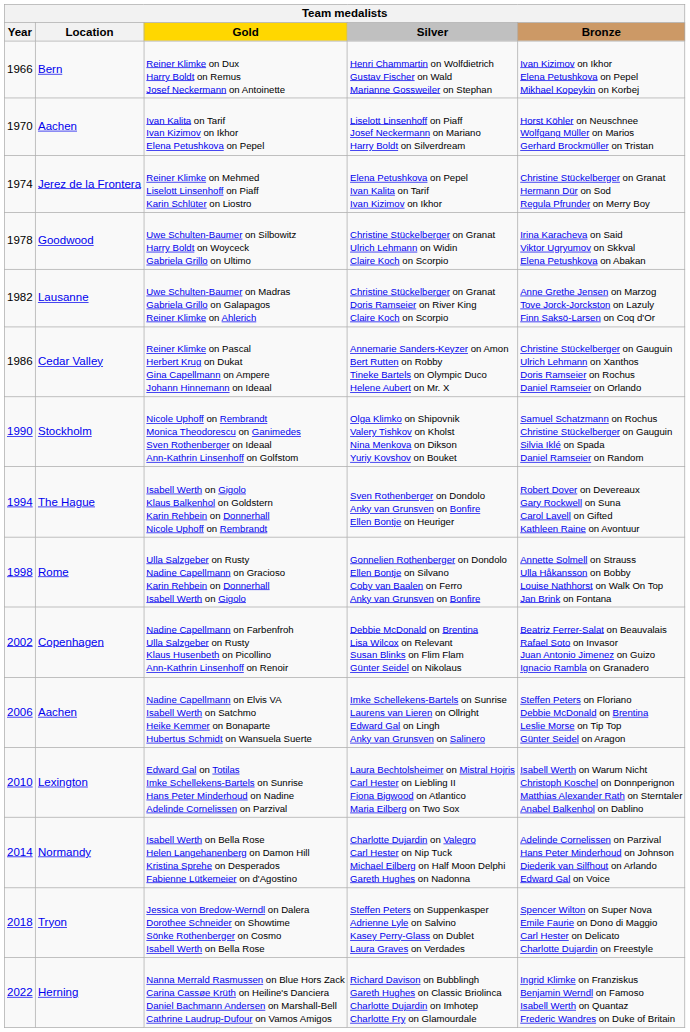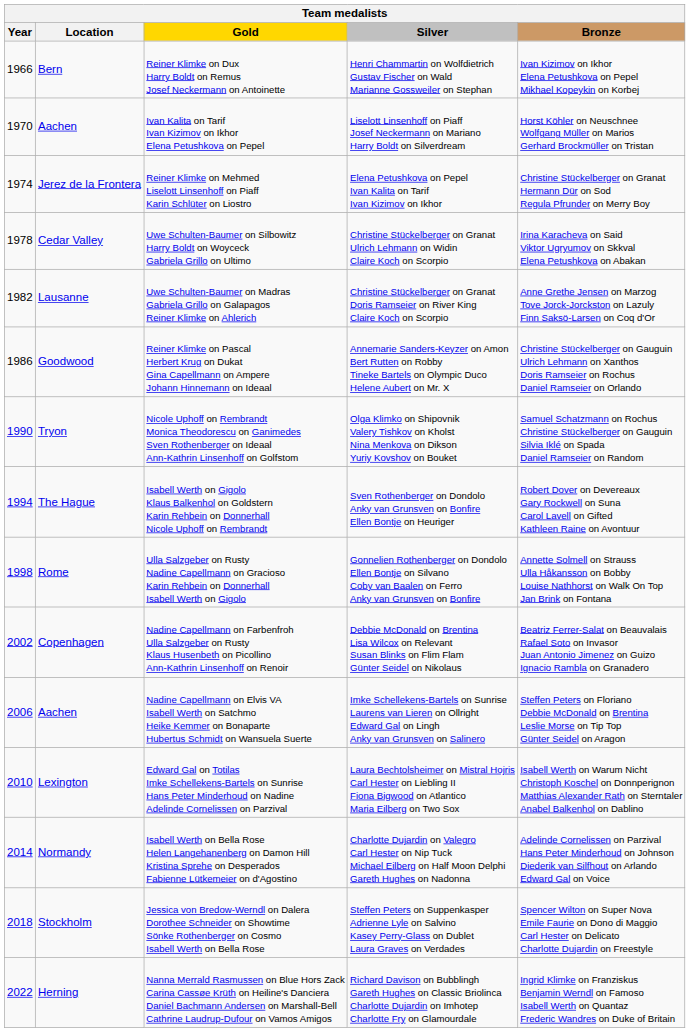 <table class="wikitable">
 <tr>
 <th colspan=6 align="center"><strong>Team medalists</strong></th>
 </tr>
 <tr>
 <th>Year</th>
 <th>Location</th>
 <th style="background-color:gold;">Gold</th>
 <th style="background-color:silver;">Silver</th>
 <th style="background-color:#cc9966;">Bronze</th>
 </tr>
 <tr>
 <td>1966</td>
 <td> <a href='#'>Bern</a></td>
 <td><br><small><a href='#'>Reiner Klimke</a> on Dux<br><a href='#'>Harry Boldt</a> on Remus<br><a href='#'>Josef Neckermann</a> on Antoinette</small></td>
 <td><br><small><a href='#'>Henri Chammartin</a> on Wolfdietrich<br><a href='#'>Gustav Fischer</a> on Wald<br><a href='#'>Marianne Gossweiler</a> on Stephan</small></td>
 <td><br><small><a href='#'>Ivan Kizimov</a> on Ikhor<br><a href='#'>Elena Petushkova</a> on Pepel<br><a href='#'>Mikhael Kopeykin</a> on Korbej</small></td>
 </tr>
 <tr>
 <td>1970</td>
 <td> <a href='#'>Aachen</a></td>
 <td><br><small><a href='#'>Ivan Kalita</a> on Tarif<br><a href='#'>Ivan Kizimov</a> on Ikhor <br><a href='#'>Elena Petushkova</a> on Pepel</small></td>
 <td><br><small><a href='#'>Liselott Linsenhoff</a> on Piaff<br><a href='#'>Josef Neckermann</a> on Mariano<br><a href='#'>Harry Boldt</a> on Silverdream</small></td>
 <td><br><small><a href='#'>Horst Köhler</a> on Neuschnee <br><a href='#'>Wolfgang Müller</a> on Marios<br><a href='#'>Gerhard Brockmüller</a> on Tristan</small></td>
 </tr>
 <tr>
 <td>1974</td>
 <td> <a href='#'>Jerez de la Frontera</a></td>
 <td><br><small><a href='#'>Reiner Klimke</a> on Mehmed<br><a href='#'>Liselott Linsenhoff</a> on Piaff<br><a href='#'>Karin Schlüter</a> on Liostro</small></td>
 <td><br><small><a href='#'>Elena Petushkova</a> on Pepel<br><a href='#'>Ivan Kalita</a> on Tarif<br><a href='#'>Ivan Kizimov</a> on Ikhor</small></td>
 <td><br><small><a href='#'>Christine Stückelberger</a> on Granat<br><a href='#'>Hermann Dür</a> on Sod<br><a href='#'>Regula Pfrunder</a> on Merry Boy</small></td>
 </tr>
 <tr>
 <td>1978</td>
-<td> <a href='#'>Goodwood</a></td>
+<td> <a href='#'>Cedar Valley</a></td>
 <td><br><small><a href='#'>Uwe Schulten-Baumer</a> on Silbowitz<br><a href='#'>Harry Boldt</a> on Woyceck<br><a href='#'>Gabriela Grillo</a> on Ultimo</small></td>
 <td><br><small><a href='#'>Christine Stückelberger</a> on Granat<br><a href='#'>Ulrich Lehmann</a> on Widin<br><a href='#'>Claire Koch</a> on Scorpio</small></td>
 <td><br><small><a href='#'>Irina Karacheva</a> on Said<br><a href='#'>Viktor Ugryumov</a> on Skkval<br><a href='#'>Elena Petushkova</a> on Abakan</small></td>
 </tr>
 <tr>
 <td>1982</td>
 <td> <a href='#'>Lausanne</a></td>
 <td><br><small><a href='#'>Uwe Schulten-Baumer</a> on Madras<br><a href='#'>Gabriela Grillo</a> on Galapagos<br><a href='#'>Reiner Klimke</a> on <a href='#'>Ahlerich</a></small></td>
 <td><br><small><a href='#'>Christine Stückelberger</a> on Granat<br><a href='#'>Doris Ramseier</a> on River King<br><a href='#'>Claire Koch</a> on Scorpio</small></td>
 <td><br><small><a href='#'>Anne Grethe Jensen</a> on Marzog<br><a href='#'>Tove Jorck-Jorckston</a> on Lazuly<br><a href='#'>Finn Saksö-Larsen</a> on Coq d'Or</small></td>
 </tr>
 <tr>
 <td>1986</td>
-<td> <a href='#'>Cedar Valley</a></td>
+<td> <a href='#'>Goodwood</a></td>
 <td><br><small><a href='#'>Reiner Klimke</a> on Pascal<br><a href='#'>Herbert Krug</a> on Dukat<br><a href='#'>Gina Capellmann</a> on Ampere<br><a href='#'>Johann Hinnemann</a> on Ideaal</small></td>
 <td><br><small><a href='#'>Annemarie Sanders-Keyzer</a> on Amon<br><a href='#'>Bert Rutten</a> on Robby<br><a href='#'>Tineke Bartels</a> on Olympic Duco<br><a href='#'>Helene Aubert</a> on Mr. X</small></td>
 <td><br><small><a href='#'>Christine Stückelberger</a> on Gauguin<br><a href='#'>Ulrich Lehmann</a> on Xanthos<br><a href='#'>Doris Ramseier</a> on Rochus<br><a href='#'>Daniel Ramseier</a> on Orlando</small></td>
 </tr>
 <tr>
 <td><a href='#'>1990</a></td>
-<td> <a href='#'>Stockholm</a></td>
+<td> <a href='#'>Tryon</a></td>
 <td><br><small><a href='#'>Nicole Uphoff</a> on <a href='#'>Rembrandt</a><br><a href='#'>Monica Theodorescu</a> on <a href='#'>Ganimedes</a><br><a href='#'>Sven Rothenberger</a> on Ideaal<br><a href='#'>Ann-Kathrin Linsenhoff</a> on Golfstom</small></td>
 <td><br><small><a href='#'>Olga Klimko</a> on Shipovnik<br><a href='#'>Valery Tishkov</a> on Kholst<br><a href='#'>Nina Menkova</a> on Dikson<br><a href='#'>Yuriy Kovshov</a> on Bouket</small></td>
 <td><br><small><a href='#'>Samuel Schatzmann</a> on Rochus<br><a href='#'>Christine Stückelberger</a> on Gauguin<br><a href='#'>Silvia Iklé</a> on Spada<br><a href='#'>Daniel Ramseier</a> on Random</small></td>
 </tr>
 <tr>
 <td><a href='#'>1994</a></td>
 <td> <a href='#'>The Hague</a></td>
 <td><br><small><a href='#'>Isabell Werth</a> on <a href='#'>Gigolo</a><br><a href='#'>Klaus Balkenhol</a> on Goldstern<br><a href='#'>Karin Rehbein</a> on <a href='#'>Donnerhall</a><br><a href='#'>Nicole Uphoff</a> on <a href='#'>Rembrandt</a></small></td>
 <td><br><small><a href='#'>Sven Rothenberger</a> on Dondolo<br><a href='#'>Anky van Grunsven</a> on <a href='#'>Bonfire</a><br><a href='#'>Ellen Bontje</a> on Heuriger</small></td>
 <td><br><small><a href='#'>Robert Dover</a> on Devereaux<br><a href='#'>Gary Rockwell</a> on Suna<br><a href='#'>Carol Lavell</a> on Gifted<br><a href='#'>Kathleen Raine</a> on Avontuur</small></td>
 </tr>
 <tr>
 <td><a href='#'>1998</a></td>
 <td> <a href='#'>Rome</a></td>
 <td><br><small><a href='#'>Ulla Salzgeber</a> on Rusty<br><a href='#'>Nadine Capellmann</a> on Gracioso<br><a href='#'>Karin Rehbein</a> on <a href='#'>Donnerhall</a><br><a href='#'>Isabell Werth</a> on <a href='#'>Gigolo</a></small></td>
 <td><br><small><a href='#'>Gonnelien Rothenberger</a> on Dondolo<br><a href='#'>Ellen Bontje</a> on Silvano<br><a href='#'>Coby van Baalen</a> on Ferro<br><a href='#'>Anky van Grunsven</a> on <a href='#'>Bonfire</a></small></td>
 <td><br><small><a href='#'>Annette Solmell</a> on Strauss<br><a href='#'>Ulla Håkansson</a> on Bobby<br><a href='#'>Louise Nathhorst</a> on Walk On Top<br><a href='#'>Jan Brink</a> on Fontana</small></td>
 </tr>
 <tr>
 <td><a href='#'>2002</a></td>
 <td> <a href='#'>Copenhagen</a></td>
 <td><br><small><a href='#'>Nadine Capellmann</a> on Farbenfroh<br><a href='#'>Ulla Salzgeber</a> on Rusty<br><a href='#'>Klaus Husenbeth</a> on Picollino<br><a href='#'>Ann-Kathrin Linsenhoff</a> on Renoir</small></td>
 <td><br><small><a href='#'>Debbie McDonald</a> on <a href='#'>Brentina</a><br><a href='#'>Lisa Wilcox</a> on Relevant<br><a href='#'>Susan Blinks</a> on Flim Flam<br><a href='#'>Günter Seidel</a> on Nikolaus</small></td>
 <td><br><small><a href='#'>Beatriz Ferrer-Salat</a> on Beauvalais<br><a href='#'>Rafael Soto</a> on Invasor<br><a href='#'>Juan Antonio Jimenez</a> on Guizo<br><a href='#'>Ignacio Rambla</a> on Granadero</small></td>
 </tr>
 <tr>
 <td><a href='#'>2006</a></td>
 <td> <a href='#'>Aachen</a></td>
 <td><br><small><a href='#'>Nadine Capellmann</a> on Elvis VA<br><a href='#'>Isabell Werth</a> on Satchmo<br><a href='#'>Heike Kemmer</a> on Bonaparte<br><a href='#'>Hubertus Schmidt</a> on Wansuela Suerte</small></td>
 <td><br><small><a href='#'>Imke Schellekens-Bartels</a> on Sunrise<br><a href='#'>Laurens van Lieren</a> on Ollright<br><a href='#'>Edward Gal</a> on Lingh<br><a href='#'>Anky van Grunsven</a> on <a href='#'>Salinero</a></small></td>
 <td><br><small><a href='#'>Steffen Peters</a> on Floriano<br><a href='#'>Debbie McDonald</a> on <a href='#'>Brentina</a><br><a href='#'>Leslie Morse</a> on Tip Top<br><a href='#'>Günter Seidel</a> on Aragon</small></td>
 </tr>
 <tr>
 <td><a href='#'>2010</a></td>
 <td> <a href='#'>Lexington</a></td>
 <td><br><small><a href='#'>Edward Gal</a> on <a href='#'>Totilas</a><br><a href='#'>Imke Schellekens-Bartels</a> on Sunrise<br><a href='#'>Hans Peter Minderhoud</a> on Nadine<br><a href='#'>Adelinde Cornelissen</a> on Parzival</small></td>
 <td><br><small><a href='#'>Laura Bechtolsheimer</a> on <a href='#'>Mistral Hojris</a><br><a href='#'>Carl Hester</a> on Liebling II<br><a href='#'>Fiona Bigwood</a> on Atlantico<br><a href='#'>Maria Eilberg</a> on Two Sox</small></td>
 <td><br><small><a href='#'>Isabell Werth</a> on Warum Nicht<br><a href='#'>Christoph Koschel</a> on Donnperignon<br><a href='#'>Matthias Alexander Rath</a> on Sterntaler<br><a href='#'>Anabel Balkenhol</a> on Dablino</small></td>
 </tr>
 <tr>
 <td><a href='#'>2014</a></td>
 <td> <a href='#'>Normandy</a></td>
 <td><br><small><a href='#'>Isabell Werth</a> on Bella Rose<br><a href='#'>Helen Langehanenberg</a> on Damon Hill<br><a href='#'>Kristina Sprehe</a> on Desperados<br><a href='#'>Fabienne Lütkemeier</a> on d'Agostino</small></td>
 <td><br><small><a href='#'>Charlotte Dujardin</a> on <a href='#'>Valegro</a><br><a href='#'>Carl Hester</a> on Nip Tuck<br><a href='#'>Michael Eilberg</a> on Half Moon Delphi<br><a href='#'>Gareth Hughes</a> on Nadonna</small></td>
 <td><br><small><a href='#'>Adelinde Cornelissen</a> on Parzival<br><a href='#'>Hans Peter Minderhoud</a> on Johnson<br><a href='#'>Diederik van Silfhout</a> on Arlando<br><a href='#'>Edward Gal</a> on Voice</small></td>
 </tr>
 <tr>
 <td><a href='#'>2018</a></td>
-<td> <a href='#'>Tryon</a></td>
+<td> <a href='#'>Stockholm</a></td>
 <td><br><small><a href='#'>Jessica von Bredow-Werndl</a> on Dalera<br><a href='#'>Dorothee Schneider</a> on Showtime<br><a href='#'>Sönke Rothenberger</a> on Cosmo<br><a href='#'>Isabell Werth</a> on Bella Rose</small></td>
 <td><br><small><a href='#'>Steffen Peters</a> on Suppenkasper<br><a href='#'>Adrienne Lyle</a> on Salvino<br><a href='#'>Kasey Perry-Glass</a> on Dublet<br><a href='#'>Laura Graves</a> on Verdades</small></td>
 <td><br><small><a href='#'>Spencer Wilton</a> on Super Nova<br><a href='#'>Emile Faurie</a> on Dono di Maggio<br><a href='#'>Carl Hester</a> on Delicato<br><a href='#'>Charlotte Dujardin</a> on Freestyle</small></td>
 </tr>
 <tr>
 <td><a href='#'>2022</a></td>
 <td> <a href='#'>Herning</a></td>
 <td><br><small><a href='#'>Nanna Merrald Rasmussen</a> on Blue Hors Zack<br><a href='#'>Carina Cassøe Krüth</a> on Heiline's Danciera<br><a href='#'>Daniel Bachmann Andersen</a> on Marshall-Bell<br><a href='#'>Cathrine Laudrup-Dufour</a> on Vamos Amigos</small></td>
 <td><br><small><a href='#'>Richard Davison</a> on Bubblingh<br><a href='#'>Gareth Hughes</a> on Classic Briolinca<br><a href='#'>Charlotte Dujardin</a> on Imhotep<br><a href='#'>Charlotte Fry</a> on Glamourdale</small></td>
 <td><small><br><a href='#'>Ingrid Klimke</a> on Franziskus<br><a href='#'>Benjamin Werndl</a> on Famoso<br><a href='#'>Isabell Werth</a> on Quantaz<br><a href='#'>Frederic Wandres</a> on Duke of Britain</small></td>
 </tr>
 </table>
